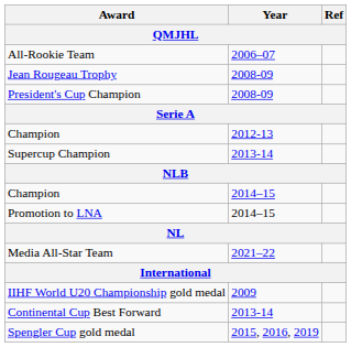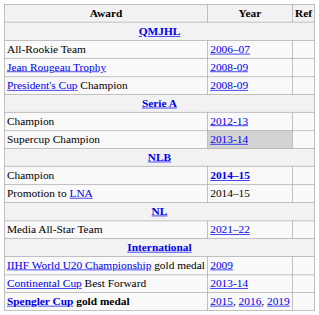 <table class="wikitable">
 <tr>
 <th>Award</th>
 <th>Year</th>
 <th>Ref</th>
 </tr>
 <tr ALIGN="center">
 <th colspan="3"><a href='#'>QMJHL</a></th>
 </tr>
 <tr>
 <td>All-Rookie Team</td>
 <td><a href='#'>2006–07</a></td>
 <td></td>
 </tr>
 <tr>
 <td><a href='#'>Jean Rougeau Trophy</a></td>
 <td><a href='#'>2008-09</a></td>
 <td></td>
 </tr>
 <tr>
 <td><a href='#'>President's Cup</a> Champion</td>
 <td><a href='#'>2008-09</a></td>
 <td></td>
 </tr>
 <tr ALIGN="center">
 <th colspan="3"><a href='#'>Serie A</a></th>
 </tr>
 <tr>
 <td>Champion</td>
 <td><a href='#'>2012-13</a></td>
 <td></td>
 </tr>
 <tr>
 <td>Supercup Champion</td>
-<td><a href='#'>2013-14</a></td>
+<td style="background: lightgrey;"><a href='#'>2013-14</a></td>
 <td></td>
 </tr>
 <tr ALIGN="center">
 <th colspan="3"><a href='#'>NLB</a></th>
 </tr>
 <tr>
 <td>Champion</td>
-<td><a href='#'>2014–15</a></td>
+<td><strong><a href='#'>2014–15</a></strong></td>
 <td></td>
 </tr>
 <tr>
 <td>Promotion to <a href='#'>LNA</a></td>
 <td>2014–15</td>
 <td></td>
 </tr>
 <tr ALIGN="center">
 <th colspan="3"><a href='#'>NL</a></th>
 </tr>
 <tr>
 <td>Media All-Star Team</td>
 <td><a href='#'>2021–22</a></td>
 <td></td>
 </tr>
 <tr ALIGN="center">
 <th colspan="3"><a href='#'>International</a></th>
 </tr>
 <tr>
 <td><a href='#'>IIHF World U20 Championship</a> gold medal</td>
 <td><a href='#'>2009</a></td>
 <td></td>
 </tr>
 <tr>
 <td><a href='#'>Continental Cup</a> Best Forward</td>
 <td><a href='#'>2013-14</a></td>
 <td></td>
 </tr>
 <tr>
-<td><a href='#'>Spengler Cup</a> gold medal</td>
+<td><strong><a href='#'>Spengler Cup</a> gold medal</strong></td>
 <td><a href='#'>2015</a>, <a href='#'>2016</a>, <a href='#'>2019</a></td>
 <td></td>
 </tr>
 </table>
